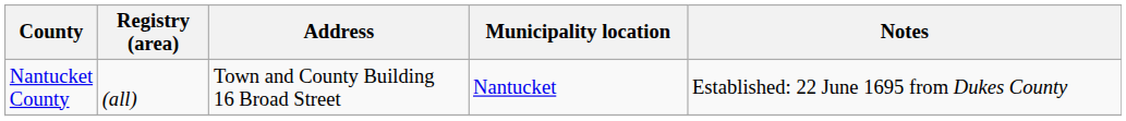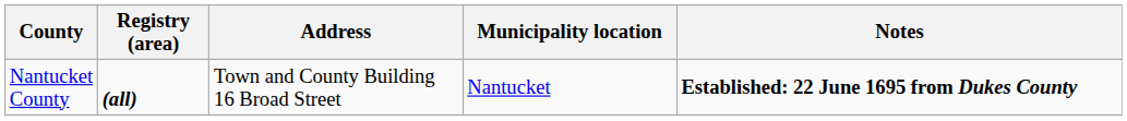 <table class="wikitable" width="100%">
 <tr>
 <th style="width:6%">County</th>
 <th style="width:10%">Registry (area)</th>
 <th>Address</th>
 <th>Municipality location</th>
 <th>Notes</th>
 </tr>
 <tr>
 <td><a href='#'>Nantucket County</a></td>
-<td><br><em>(all)</em></td>
+<td><strong><br><em>(all)</em></strong></td>
 <td>Town and County Building<br>16 Broad Street</td>
 <td><a href='#'>Nantucket</a></td>
-<td>Established: 22 June 1695 from <em>Dukes County</em></td>
+<td><strong>Established: 22 June 1695 from <em>Dukes County</em></strong></td>
 </tr>
 <tr>
 </tr>
 </table>
